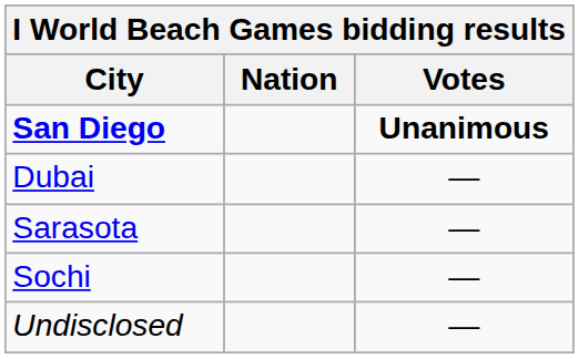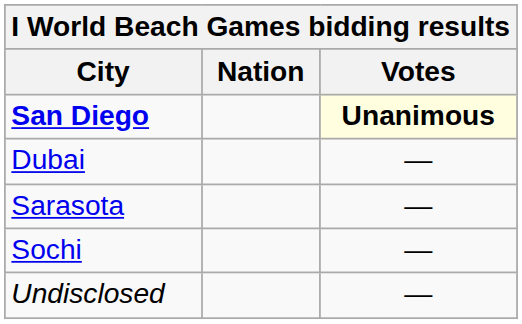 <table class="wikitable">
 <tr>
 <th colspan="7">I World Beach Games bidding results</th>
 </tr>
 <tr>
 <th>City</th>
 <th>Nation</th>
 <th>Votes</th>
 </tr>
 <tr>
 <td><strong><a href='#'>San Diego</a></strong></td>
 <td><strong></strong></td>
-<td align=center><strong>Unanimous</strong></td>
+<td align=center style="background: lightyellow;"><strong>Unanimous</strong></td>
 </tr>
 <tr>
 <td><a href='#'>Dubai</a></td>
 <td></td>
 <td align=center>—</td>
 </tr>
 <tr>
 <td><a href='#'>Sarasota</a></td>
 <td></td>
 <td align=center>—</td>
 </tr>
 <tr>
 <td><a href='#'>Sochi</a></td>
 <td></td>
 <td align=center>—</td>
 </tr>
 <tr>
 <td><em>Undisclosed</em></td>
 <td></td>
 <td align=center>—</td>
 </tr>
 </table>
